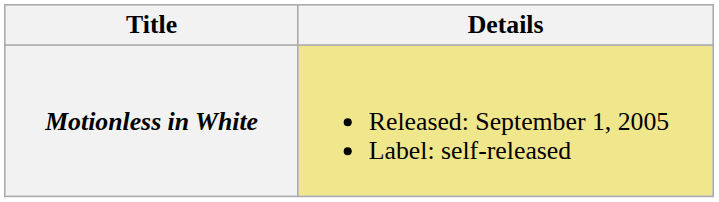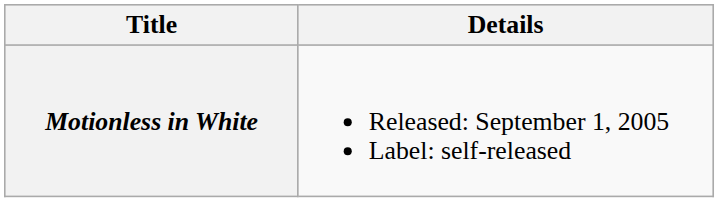 <table class="wikitable plainrowheaders">
 <tr>
 <th style="width:175px;">Title</th>
 <th style="width:250px;">Details</th>
 </tr>
 <tr>
 <th scope="row"><em>Motionless in White</em></th>
-<td style="background: khaki;"><br><ul><li>Released: September 1, 2005</li><li>Label: self-released</li></ul></td>
+<td><br><ul><li>Released: September 1, 2005</li><li>Label: self-released</li></ul></td>
 </tr>
 </table>
